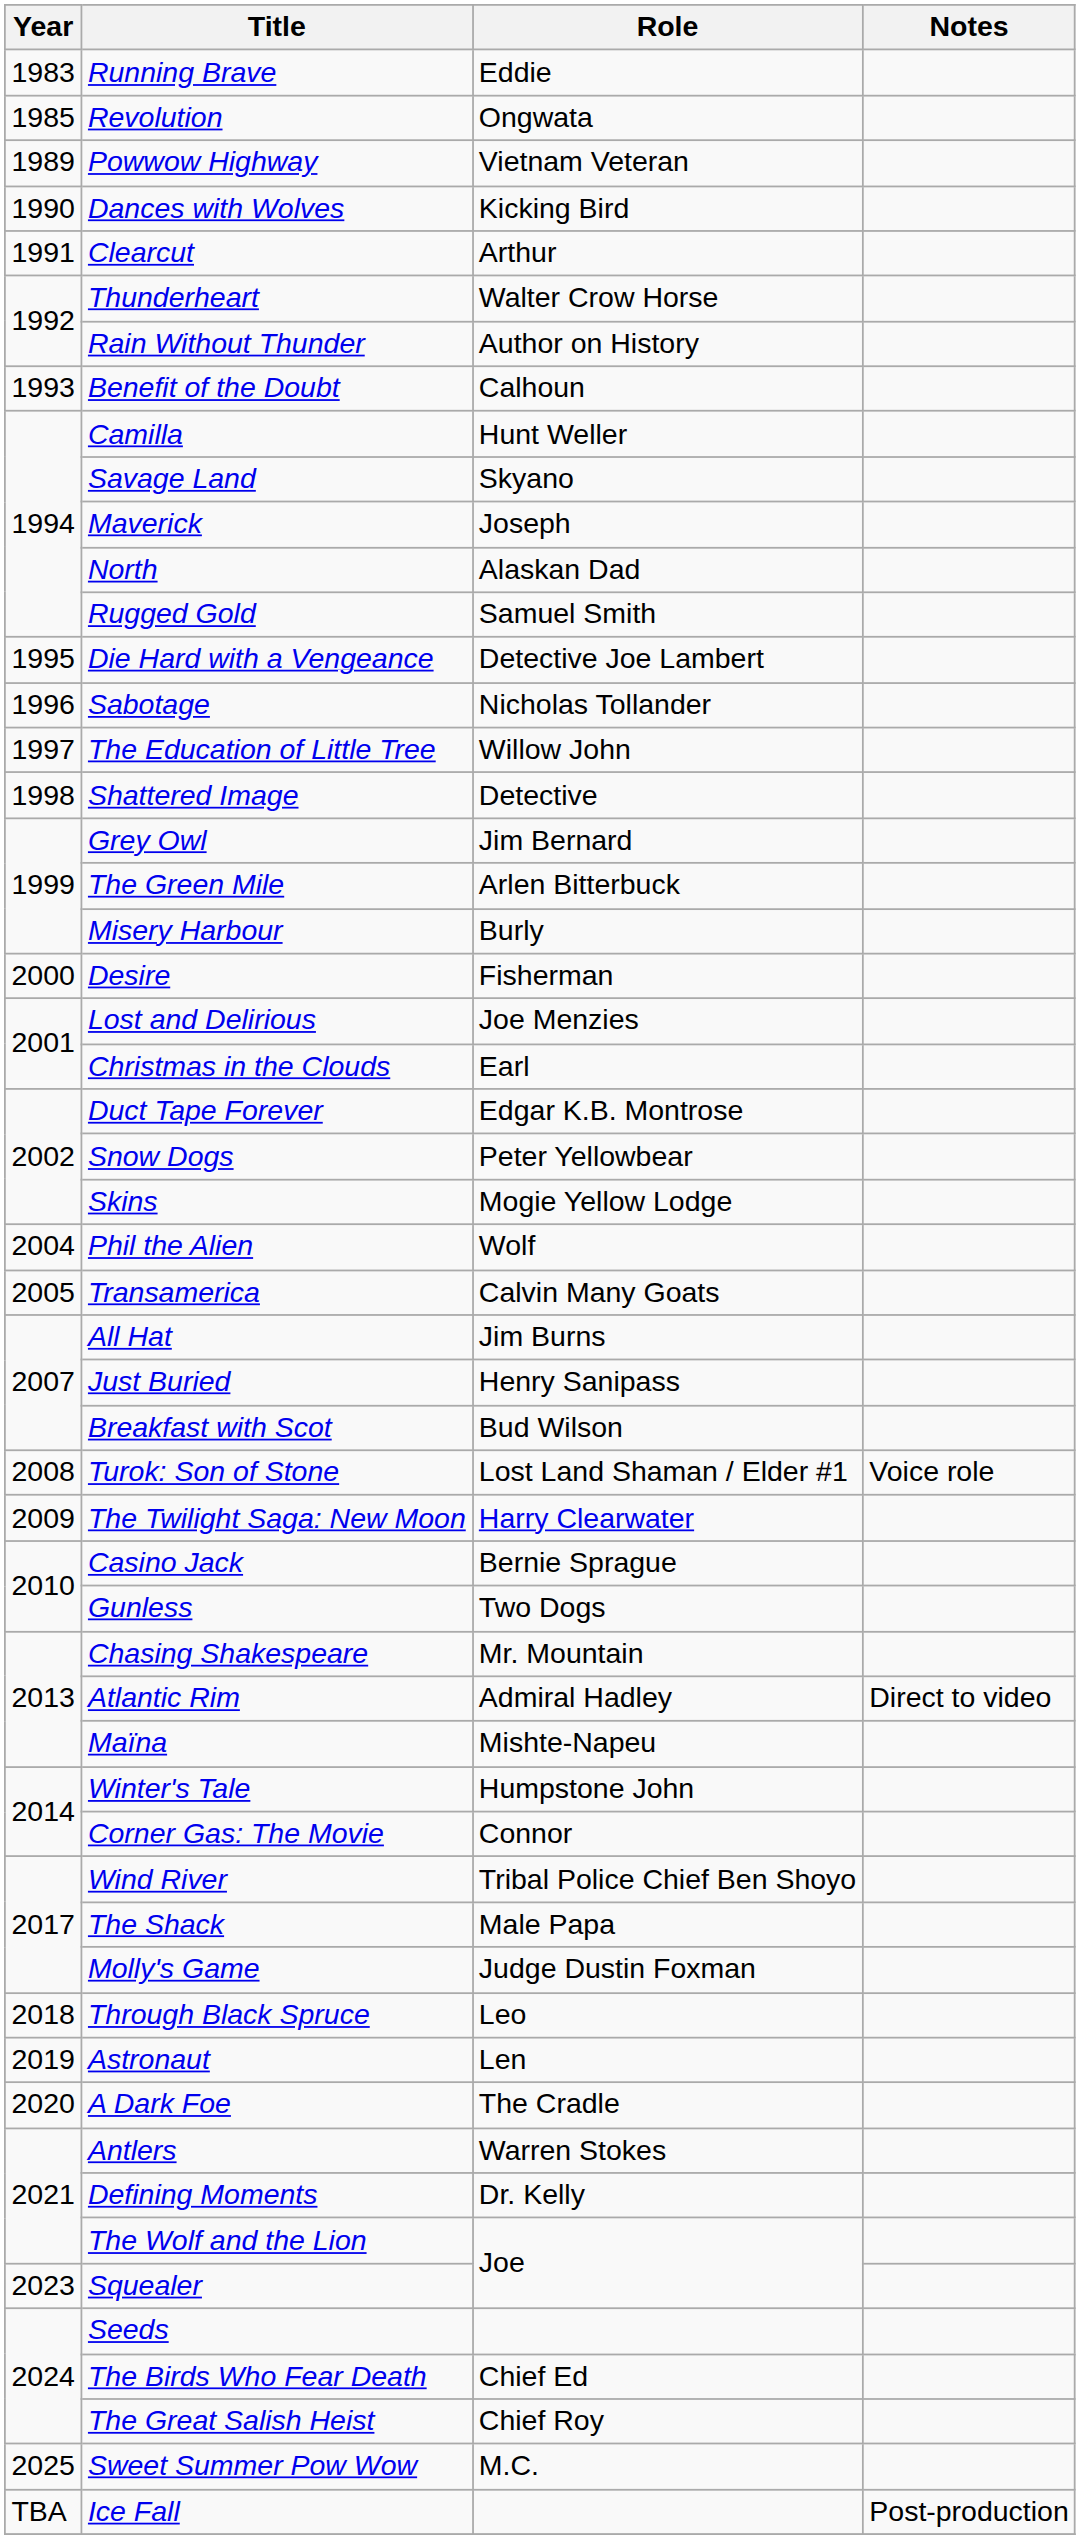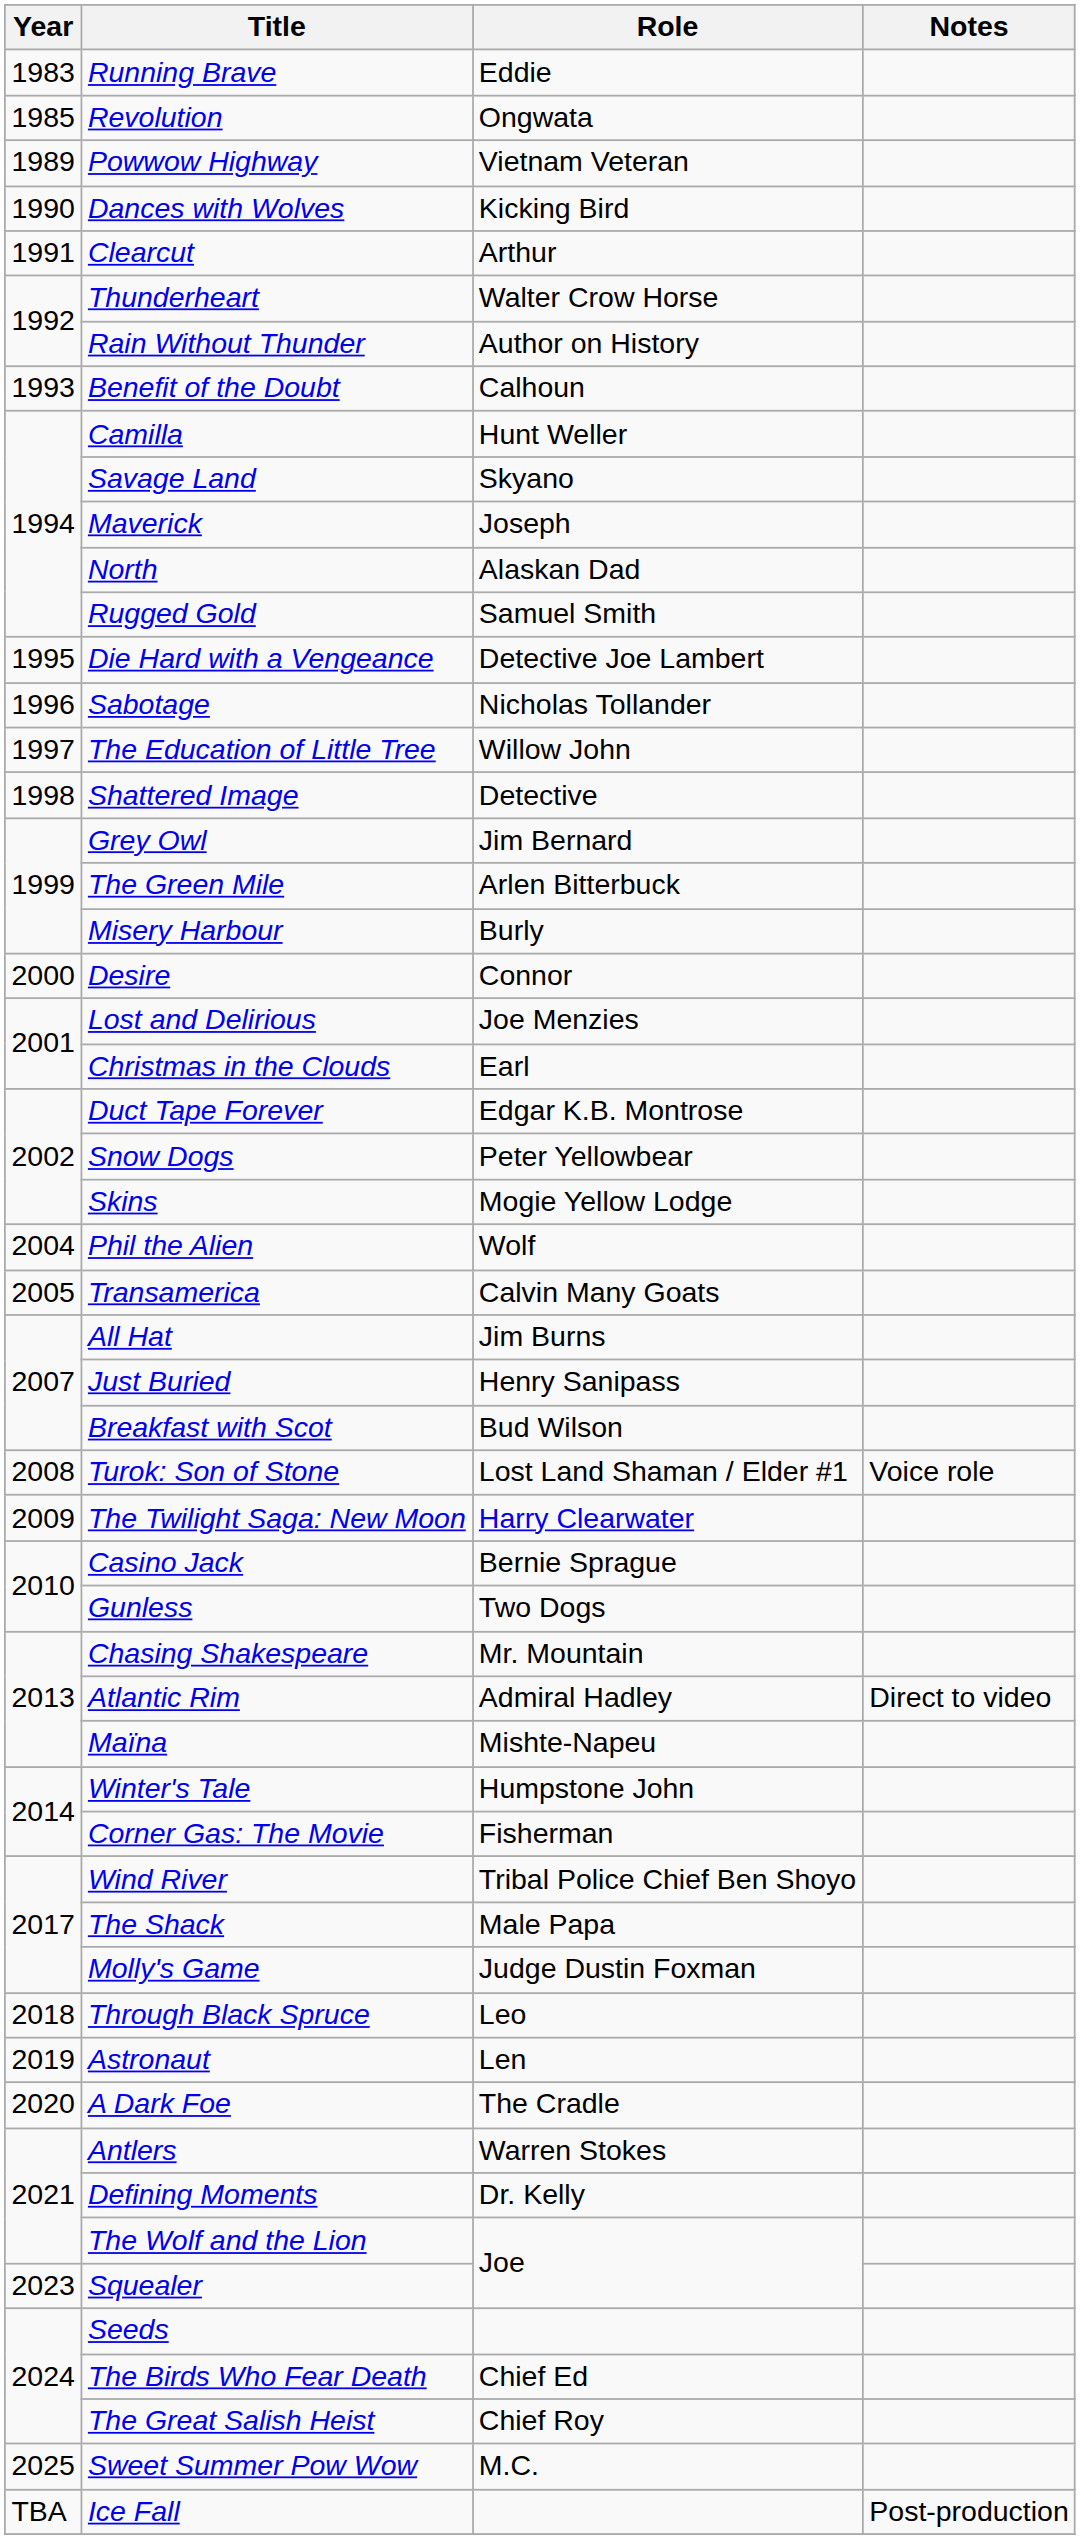 <table class="wikitable sortable">
 <tr>
 <th>Year</th>
 <th>Title</th>
 <th>Role</th>
 <th class="unsortable">Notes</th>
 </tr>
 <tr>
 <td>1983</td>
 <td><em><a href='#'>Running Brave</a></em></td>
 <td>Eddie</td>
 <td></td>
 </tr>
 <tr>
 <td>1985</td>
 <td><em><a href='#'>Revolution</a></em></td>
 <td>Ongwata</td>
 <td></td>
 </tr>
 <tr>
 <td>1989</td>
 <td><em><a href='#'>Powwow Highway</a></em></td>
 <td>Vietnam Veteran</td>
 <td></td>
 </tr>
 <tr>
 <td>1990</td>
 <td><em><a href='#'>Dances with Wolves</a></em></td>
 <td>Kicking Bird</td>
 <td></td>
 </tr>
 <tr>
 <td>1991</td>
 <td><em><a href='#'>Clearcut</a></em></td>
 <td>Arthur</td>
 <td></td>
 </tr>
 <tr>
 <td rowspan=2>1992</td>
 <td><em><a href='#'>Thunderheart</a></em></td>
 <td>Walter Crow Horse</td>
 <td></td>
 </tr>
 <tr>
 <td><em><a href='#'>Rain Without Thunder</a></em></td>
 <td>Author on History</td>
 <td></td>
 </tr>
 <tr>
 <td>1993</td>
 <td><em><a href='#'>Benefit of the Doubt</a></em></td>
 <td>Calhoun</td>
 <td></td>
 </tr>
 <tr>
 <td rowspan=5>1994</td>
 <td><em><a href='#'>Camilla</a></em></td>
 <td>Hunt Weller</td>
 <td></td>
 </tr>
 <tr>
 <td><em><a href='#'>Savage Land</a></em></td>
 <td>Skyano</td>
 <td></td>
 </tr>
 <tr>
 <td><em><a href='#'>Maverick</a></em></td>
 <td>Joseph</td>
 <td></td>
 </tr>
 <tr>
 <td><em><a href='#'>North</a></em></td>
 <td>Alaskan Dad</td>
 <td></td>
 </tr>
 <tr>
 <td><em><a href='#'>Rugged Gold</a></em></td>
 <td>Samuel Smith</td>
 <td></td>
 </tr>
 <tr>
 <td>1995</td>
 <td><em><a href='#'>Die Hard with a Vengeance</a></em></td>
 <td>Detective Joe Lambert</td>
 <td></td>
 </tr>
 <tr>
 <td>1996</td>
 <td><em><a href='#'>Sabotage</a></em></td>
 <td>Nicholas Tollander</td>
 <td></td>
 </tr>
 <tr>
 <td>1997</td>
 <td data-sort-value="Education of Little Tree, The"><em><a href='#'>The Education of Little Tree</a></em></td>
 <td>Willow John</td>
 <td></td>
 </tr>
 <tr>
 <td>1998</td>
 <td><em><a href='#'>Shattered Image</a></em></td>
 <td>Detective</td>
 <td></td>
 </tr>
 <tr>
 <td rowspan=3>1999</td>
 <td><em><a href='#'>Grey Owl</a></em></td>
 <td>Jim Bernard</td>
 <td></td>
 </tr>
 <tr>
 <td data-sort-value="Green Mile, The"><em><a href='#'>The Green Mile</a></em></td>
 <td>Arlen Bitterbuck</td>
 <td></td>
 </tr>
 <tr>
 <td><em><a href='#'>Misery Harbour</a></em></td>
 <td>Burly</td>
 <td></td>
 </tr>
 <tr>
 <td>2000</td>
 <td><em><a href='#'>Desire</a></em></td>
-<td>Fisherman</td>
+<td>Connor</td>
 <td></td>
 </tr>
 <tr>
 <td rowspan=2>2001</td>
 <td><em><a href='#'>Lost and Delirious</a></em></td>
 <td>Joe Menzies</td>
 <td></td>
 </tr>
 <tr>
 <td><em><a href='#'>Christmas in the Clouds</a></em></td>
 <td>Earl</td>
 <td></td>
 </tr>
 <tr>
 <td rowspan=3>2002</td>
 <td><em><a href='#'>Duct Tape Forever</a></em></td>
 <td>Edgar K.B. Montrose</td>
 <td></td>
 </tr>
 <tr>
 <td><em><a href='#'>Snow Dogs</a></em></td>
 <td>Peter Yellowbear</td>
 <td></td>
 </tr>
 <tr>
 <td><em><a href='#'>Skins</a></em></td>
 <td>Mogie Yellow Lodge</td>
 <td></td>
 </tr>
 <tr>
 <td>2004</td>
 <td><em><a href='#'>Phil the Alien</a></em></td>
 <td>Wolf</td>
 <td></td>
 </tr>
 <tr>
 <td>2005</td>
 <td><em><a href='#'>Transamerica</a></em></td>
 <td>Calvin Many Goats</td>
 <td></td>
 </tr>
 <tr>
 <td rowspan=3>2007</td>
 <td><em><a href='#'>All Hat</a></em></td>
 <td>Jim Burns</td>
 <td></td>
 </tr>
 <tr>
 <td><em><a href='#'>Just Buried</a></em></td>
 <td>Henry Sanipass</td>
 <td></td>
 </tr>
 <tr>
 <td><em><a href='#'>Breakfast with Scot</a></em></td>
 <td>Bud Wilson</td>
 <td></td>
 </tr>
 <tr>
 <td>2008</td>
 <td><em><a href='#'>Turok: Son of Stone</a></em></td>
 <td>Lost Land Shaman / Elder #1</td>
 <td>Voice role</td>
 </tr>
 <tr>
 <td>2009</td>
 <td data-sort-value="Twilight Saga: New Moon, The"><em><a href='#'>The Twilight Saga: New Moon</a></em></td>
 <td><a href='#'>Harry Clearwater</a></td>
 <td></td>
 </tr>
 <tr>
 <td rowspan=2>2010</td>
 <td><em><a href='#'>Casino Jack</a></em></td>
 <td>Bernie Sprague</td>
 <td></td>
 </tr>
 <tr>
 <td><em><a href='#'>Gunless</a></em></td>
 <td>Two Dogs</td>
 <td></td>
 </tr>
 <tr>
 <td rowspan=3>2013</td>
 <td><em><a href='#'>Chasing Shakespeare</a></em></td>
 <td>Mr. Mountain</td>
 <td></td>
 </tr>
 <tr>
 <td><em><a href='#'>Atlantic Rim</a></em></td>
 <td>Admiral Hadley</td>
 <td>Direct to video</td>
 </tr>
 <tr>
 <td><em><a href='#'>Maïna</a></em></td>
 <td>Mishte-Napeu</td>
 <td></td>
 </tr>
 <tr>
 <td rowspan=2>2014</td>
 <td><em><a href='#'>Winter's Tale</a></em></td>
 <td>Humpstone John</td>
 <td></td>
 </tr>
 <tr>
 <td><em><a href='#'>Corner Gas: The Movie</a></em></td>
-<td>Connor</td>
+<td>Fisherman</td>
 <td></td>
 </tr>
 <tr>
 <td rowspan=3>2017</td>
 <td><em><a href='#'>Wind River</a></em></td>
 <td>Tribal Police Chief Ben Shoyo</td>
 <td></td>
 </tr>
 <tr>
 <td data-sort-value="Shack, The"><em><a href='#'>The Shack</a></em></td>
 <td>Male Papa</td>
 <td></td>
 </tr>
 <tr>
 <td><em><a href='#'>Molly's Game</a></em></td>
 <td>Judge Dustin Foxman</td>
 <td></td>
 </tr>
 <tr>
 <td>2018</td>
 <td><em><a href='#'>Through Black Spruce</a></em></td>
 <td>Leo</td>
 <td></td>
 </tr>
 <tr>
 <td>2019</td>
 <td><em><a href='#'>Astronaut</a></em></td>
 <td>Len</td>
 <td></td>
 </tr>
 <tr>
 <td>2020</td>
 <td data-sort-value="Dark Foe, A"><em><a href='#'>A Dark Foe</a></em></td>
 <td>The Cradle</td>
 <td></td>
 </tr>
 <tr>
 <td rowspan=3>2021</td>
 <td><em><a href='#'>Antlers</a></em></td>
 <td>Warren Stokes</td>
 <td></td>
 </tr>
 <tr>
 <td><em><a href='#'>Defining Moments</a></em></td>
 <td>Dr. Kelly</td>
 <td></td>
 </tr>
 <tr>
 <td data-sort-value="Wolf and the Lion, The"><em><a href='#'>The Wolf and the Lion</a></em></td>
 <td rowspan="2">Joe</td>
 <td></td>
 </tr>
 <tr>
 <td>2023</td>
 <td><em><a href='#'>Squealer</a></em></td>
 <td></td>
 </tr>
 <tr>
 <td rowspan=3>2024</td>
 <td><em><a href='#'>Seeds</a></em></td>
 <td></td>
 </tr>
 <tr>
 <td data-sort-value="Birds Who Fear Death, The"><em><a href='#'>The Birds Who Fear Death</a></em></td>
 <td>Chief Ed</td>
 <td></td>
 </tr>
 <tr>
 <td data-sort-value="Great Salish Heist, The"><em><a href='#'>The Great Salish Heist</a></em></td>
 <td>Chief Roy</td>
 <td></td>
 </tr>
 <tr>
 <td>2025</td>
 <td><em><a href='#'>Sweet Summer Pow Wow</a></em></td>
 <td>M.C.</td>
 <td></td>
 </tr>
 <tr>
 <td>TBA</td>
 <td><em><a href='#'>Ice Fall</a></em></td>
 <td></td>
 <td>Post-production</td>
 </tr>
 <tr>
 </tr>
 </table>
